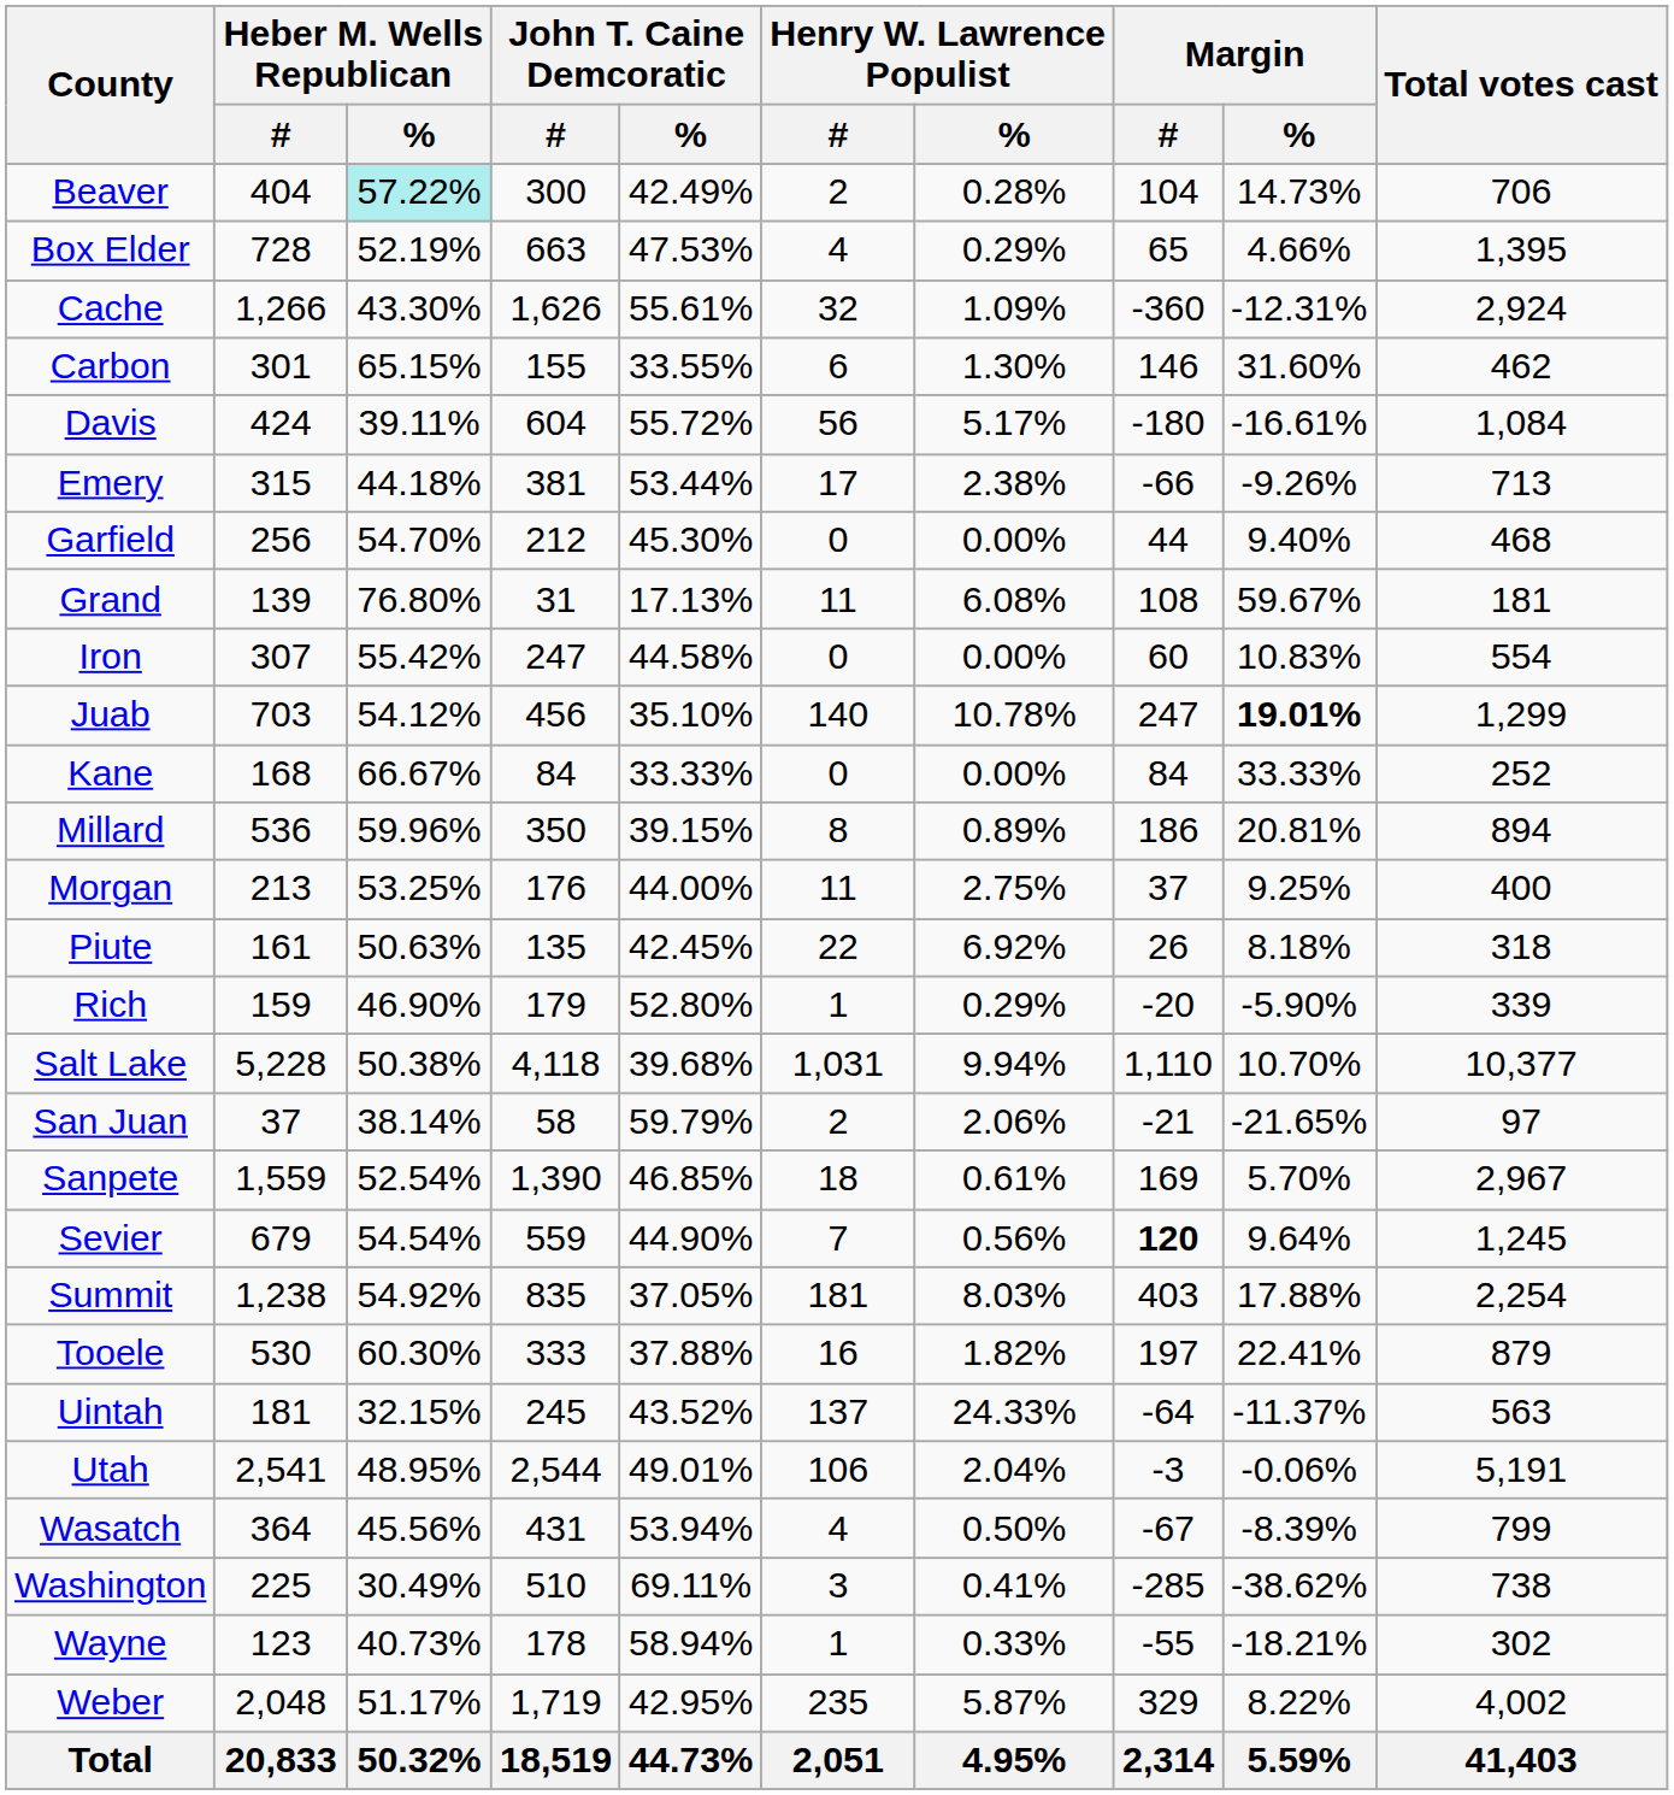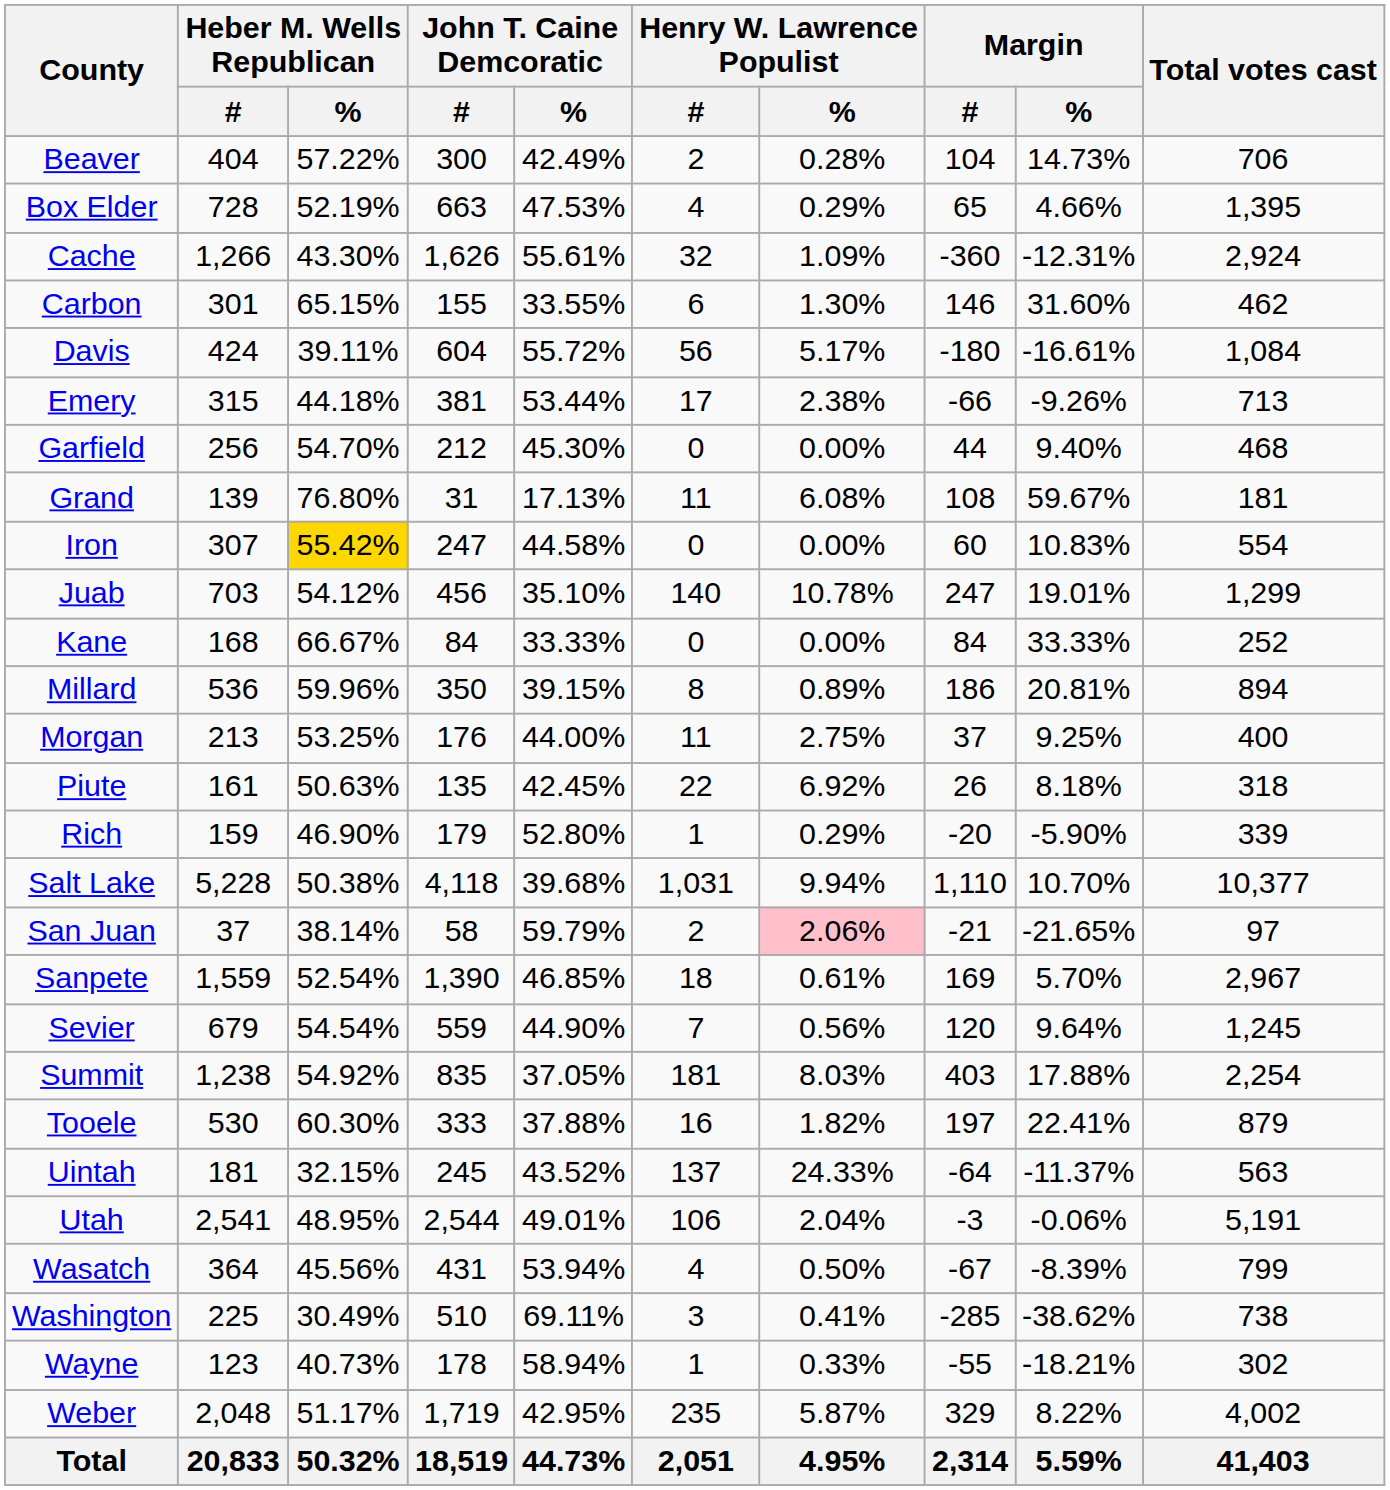 <table class="wikitable sortable" style="text-align:center">
 <tr>
 <th rowspan="2">County</th>
 <th style="text-align:center;" colspan="2">Heber M. Wells<br>Republican</th>
 <th style="text-align:center;" colspan="2">John T. Caine<br>Demcoratic</th>
 <th style="text-align:center;" colspan="2">Henry W. Lawrence<br>Populist</th>
 <th style="text-align:center;" colspan="2">Margin</th>
 <th style="text-align:center;" rowspan="2">Total votes cast</th>
 </tr>
 <tr>
 <th style="text-align:center;" data-sort-type="number">#</th>
 <th style="text-align:center;" data-sort-type="number">%</th>
 <th style="text-align:center;" data-sort-type="number">#</th>
 <th style="text-align:center;" data-sort-type="number">%</th>
 <th style="text-align:center;" data-sort-type="number">#</th>
 <th style="text-align:center;" data-sort-type="number">%</th>
 <th style="text-align:center;" data-sort-type="number">#</th>
 <th style="text-align:center;" data-sort-type="number">%</th>
 </tr>
 <tr style="text-align:center;">
 <td><a href='#'>Beaver</a></td>
 <td>404</td>
-<td style="background: paleturquoise;">57.22%</td>
+<td>57.22%</td>
 <td>300</td>
 <td>42.49%</td>
 <td>2</td>
 <td>0.28%</td>
 <td>104</td>
 <td>14.73%</td>
 <td>706</td>
 </tr>
 <tr style="text-align:center;">
 <td><a href='#'>Box Elder</a></td>
 <td>728</td>
 <td>52.19%</td>
 <td>663</td>
 <td>47.53%</td>
 <td>4</td>
 <td>0.29%</td>
 <td>65</td>
 <td>4.66%</td>
 <td>1,395</td>
 </tr>
 <tr style="text-align:center;">
 <td><a href='#'>Cache</a></td>
 <td>1,266</td>
 <td>43.30%</td>
 <td>1,626</td>
 <td>55.61%</td>
 <td>32</td>
 <td>1.09%</td>
 <td>-360</td>
 <td>-12.31%</td>
 <td>2,924</td>
 </tr>
 <tr style="text-align:center;">
 <td><a href='#'>Carbon</a></td>
 <td>301</td>
 <td>65.15%</td>
 <td>155</td>
 <td>33.55%</td>
 <td>6</td>
 <td>1.30%</td>
 <td>146</td>
 <td>31.60%</td>
 <td>462</td>
 </tr>
 <tr style="text-align:center;">
 <td><a href='#'>Davis</a></td>
 <td>424</td>
 <td>39.11%</td>
 <td>604</td>
 <td>55.72%</td>
 <td>56</td>
 <td>5.17%</td>
 <td>-180</td>
 <td>-16.61%</td>
 <td>1,084</td>
 </tr>
 <tr style="text-align:center;">
 <td><a href='#'>Emery</a></td>
 <td>315</td>
 <td>44.18%</td>
 <td>381</td>
 <td>53.44%</td>
 <td>17</td>
 <td>2.38%</td>
 <td>-66</td>
 <td>-9.26%</td>
 <td>713</td>
 </tr>
 <tr style="text-align:center;">
 <td><a href='#'>Garfield</a></td>
 <td>256</td>
 <td>54.70%</td>
 <td>212</td>
 <td>45.30%</td>
 <td>0</td>
 <td>0.00%</td>
 <td>44</td>
 <td>9.40%</td>
 <td>468</td>
 </tr>
 <tr style="text-align:center;">
 <td><a href='#'>Grand</a></td>
 <td>139</td>
 <td>76.80%</td>
 <td>31</td>
 <td>17.13%</td>
 <td>11</td>
 <td>6.08%</td>
 <td>108</td>
 <td>59.67%</td>
 <td>181</td>
 </tr>
 <tr style="text-align:center;">
 <td><a href='#'>Iron</a></td>
 <td>307</td>
-<td>55.42%</td>
+<td style="background: gold;">55.42%</td>
 <td>247</td>
 <td>44.58%</td>
 <td>0</td>
 <td>0.00%</td>
 <td>60</td>
 <td>10.83%</td>
 <td>554</td>
 </tr>
 <tr style="text-align:center;">
 <td><a href='#'>Juab</a></td>
 <td>703</td>
 <td>54.12%</td>
 <td>456</td>
 <td>35.10%</td>
 <td>140</td>
 <td>10.78%</td>
 <td>247</td>
-<td><strong>19.01%</strong></td>
+<td>19.01%</td>
 <td>1,299</td>
 </tr>
 <tr style="text-align:center;">
 <td><a href='#'>Kane</a></td>
 <td>168</td>
 <td>66.67%</td>
 <td>84</td>
 <td>33.33%</td>
 <td>0</td>
 <td>0.00%</td>
 <td>84</td>
 <td>33.33%</td>
 <td>252</td>
 </tr>
 <tr style="text-align:center;">
 <td><a href='#'>Millard</a></td>
 <td>536</td>
 <td>59.96%</td>
 <td>350</td>
 <td>39.15%</td>
 <td>8</td>
 <td>0.89%</td>
 <td>186</td>
 <td>20.81%</td>
 <td>894</td>
 </tr>
 <tr style="text-align:center;">
 <td><a href='#'>Morgan</a></td>
 <td>213</td>
 <td>53.25%</td>
 <td>176</td>
 <td>44.00%</td>
 <td>11</td>
 <td>2.75%</td>
 <td>37</td>
 <td>9.25%</td>
 <td>400</td>
 </tr>
 <tr style="text-align:center;">
 <td><a href='#'>Piute</a></td>
 <td>161</td>
 <td>50.63%</td>
 <td>135</td>
 <td>42.45%</td>
 <td>22</td>
 <td>6.92%</td>
 <td>26</td>
 <td>8.18%</td>
 <td>318</td>
 </tr>
 <tr style="text-align:center;">
 <td><a href='#'>Rich</a></td>
 <td>159</td>
 <td>46.90%</td>
 <td>179</td>
 <td>52.80%</td>
 <td>1</td>
 <td>0.29%</td>
 <td>-20</td>
 <td>-5.90%</td>
 <td>339</td>
 </tr>
 <tr style="text-align:center;">
 <td><a href='#'>Salt Lake</a></td>
 <td>5,228</td>
 <td>50.38%</td>
 <td>4,118</td>
 <td>39.68%</td>
 <td>1,031</td>
 <td>9.94%</td>
 <td>1,110</td>
 <td>10.70%</td>
 <td>10,377</td>
 </tr>
 <tr style="text-align:center;">
 <td><a href='#'>San Juan</a></td>
 <td>37</td>
 <td>38.14%</td>
 <td>58</td>
 <td>59.79%</td>
 <td>2</td>
-<td>2.06%</td>
+<td style="background: pink;">2.06%</td>
 <td>-21</td>
 <td>-21.65%</td>
 <td>97</td>
 </tr>
 <tr style="text-align:center;">
 <td><a href='#'>Sanpete</a></td>
 <td>1,559</td>
 <td>52.54%</td>
 <td>1,390</td>
 <td>46.85%</td>
 <td>18</td>
 <td>0.61%</td>
 <td>169</td>
 <td>5.70%</td>
 <td>2,967</td>
 </tr>
 <tr style="text-align:center;">
 <td><a href='#'>Sevier</a></td>
 <td>679</td>
 <td>54.54%</td>
 <td>559</td>
 <td>44.90%</td>
 <td>7</td>
 <td>0.56%</td>
-<td><strong>120</strong></td>
+<td>120</td>
 <td>9.64%</td>
 <td>1,245</td>
 </tr>
 <tr style="text-align:center;">
 <td><a href='#'>Summit</a></td>
 <td>1,238</td>
 <td>54.92%</td>
 <td>835</td>
 <td>37.05%</td>
 <td>181</td>
 <td>8.03%</td>
 <td>403</td>
 <td>17.88%</td>
 <td>2,254</td>
 </tr>
 <tr style="text-align:center;">
 <td><a href='#'>Tooele</a></td>
 <td>530</td>
 <td>60.30%</td>
 <td>333</td>
 <td>37.88%</td>
 <td>16</td>
 <td>1.82%</td>
 <td>197</td>
 <td>22.41%</td>
 <td>879</td>
 </tr>
 <tr style="text-align:center;">
 <td><a href='#'>Uintah</a></td>
 <td>181</td>
 <td>32.15%</td>
 <td>245</td>
 <td>43.52%</td>
 <td>137</td>
 <td>24.33%</td>
 <td>-64</td>
 <td>-11.37%</td>
 <td>563</td>
 </tr>
 <tr style="text-align:center;">
 <td><a href='#'>Utah</a></td>
 <td>2,541</td>
 <td>48.95%</td>
 <td>2,544</td>
 <td>49.01%</td>
 <td>106</td>
 <td>2.04%</td>
 <td>-3</td>
 <td>-0.06%</td>
 <td>5,191</td>
 </tr>
 <tr style="text-align:center;">
 <td><a href='#'>Wasatch</a></td>
 <td>364</td>
 <td>45.56%</td>
 <td>431</td>
 <td>53.94%</td>
 <td>4</td>
 <td>0.50%</td>
 <td>-67</td>
 <td>-8.39%</td>
 <td>799</td>
 </tr>
 <tr style="text-align:center;">
 <td><a href='#'>Washington</a></td>
 <td>225</td>
 <td>30.49%</td>
 <td>510</td>
 <td>69.11%</td>
 <td>3</td>
 <td>0.41%</td>
 <td>-285</td>
 <td>-38.62%</td>
 <td>738</td>
 </tr>
 <tr style="text-align:center;">
 <td><a href='#'>Wayne</a></td>
 <td>123</td>
 <td>40.73%</td>
 <td>178</td>
 <td>58.94%</td>
 <td>1</td>
 <td>0.33%</td>
 <td>-55</td>
 <td>-18.21%</td>
 <td>302</td>
 </tr>
 <tr style="text-align:center;">
 <td><a href='#'>Weber</a></td>
 <td>2,048</td>
 <td>51.17%</td>
 <td>1,719</td>
 <td>42.95%</td>
 <td>235</td>
 <td>5.87%</td>
 <td>329</td>
 <td>8.22%</td>
 <td>4,002</td>
 </tr>
 <tr style="text-align:center;">
 <th>Total</th>
 <th>20,833</th>
 <th>50.32%</th>
 <th>18,519</th>
 <th>44.73%</th>
 <th>2,051</th>
 <th>4.95%</th>
 <th>2,314</th>
 <th>5.59%</th>
 <th>41,403</th>
 </tr>
 </table>
